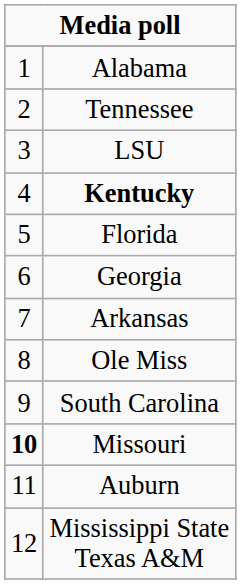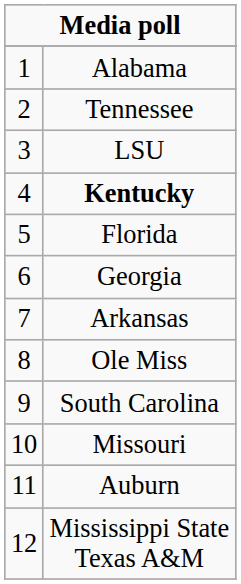 <table class="wikitable">
 <tr align="center">
 <td align="center" Colspan="3"><strong>Media poll</strong></td>
 </tr>
 <tr align="center">
 </tr>
 <tr align="center">
 <td>1</td>
 <td>Alabama</td>
 </tr>
 <tr align="center">
 <td>2</td>
 <td>Tennessee</td>
 </tr>
 <tr align="center">
 <td>3</td>
 <td>LSU</td>
 </tr>
 <tr align="center">
 <td>4</td>
 <td><strong>Kentucky</strong></td>
 </tr>
 <tr align="center">
 <td>5</td>
 <td>Florida</td>
 </tr>
 <tr align="center">
 <td>6</td>
 <td>Georgia</td>
 </tr>
 <tr align="center">
 <td>7</td>
 <td>Arkansas</td>
 </tr>
 <tr align="center">
 <td>8</td>
 <td>Ole Miss</td>
 </tr>
 <tr align="center">
 <td>9</td>
 <td>South Carolina</td>
 </tr>
 <tr align="center">
-<td><strong>10</strong></td>
+<td>10</td>
 <td>Missouri</td>
 </tr>
 <tr align="center">
 <td>11</td>
 <td>Auburn</td>
 </tr>
 <tr align="center">
 <td>12</td>
 <td>Mississippi State<br>Texas A&M</td>
 </tr>
 </table>
